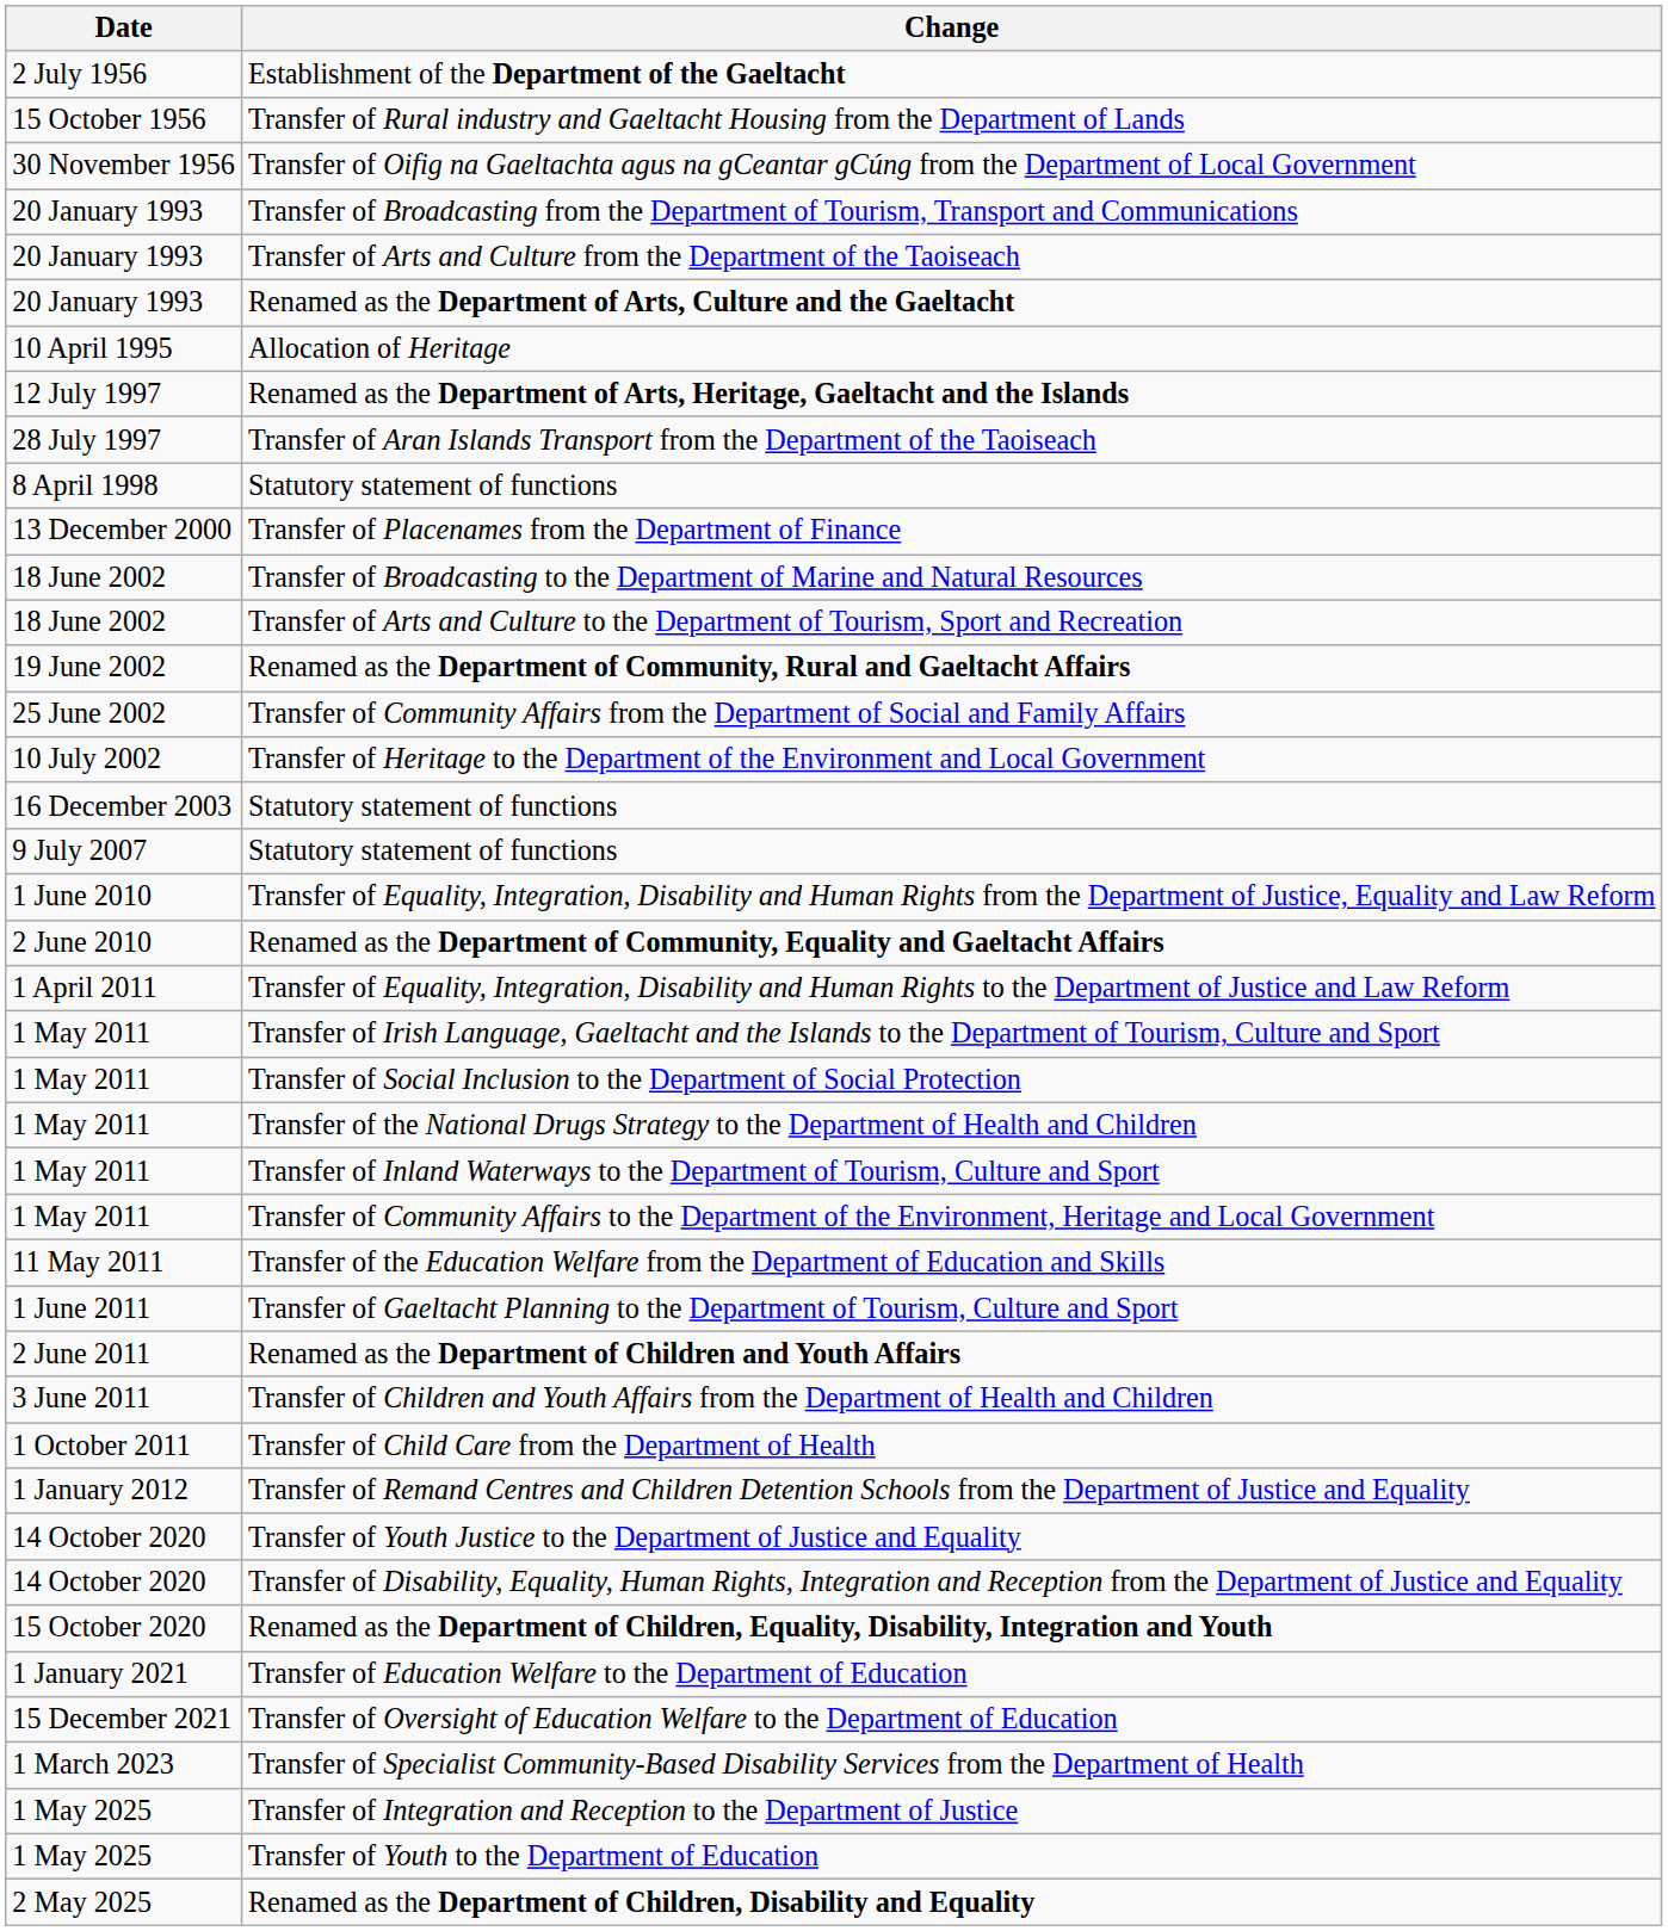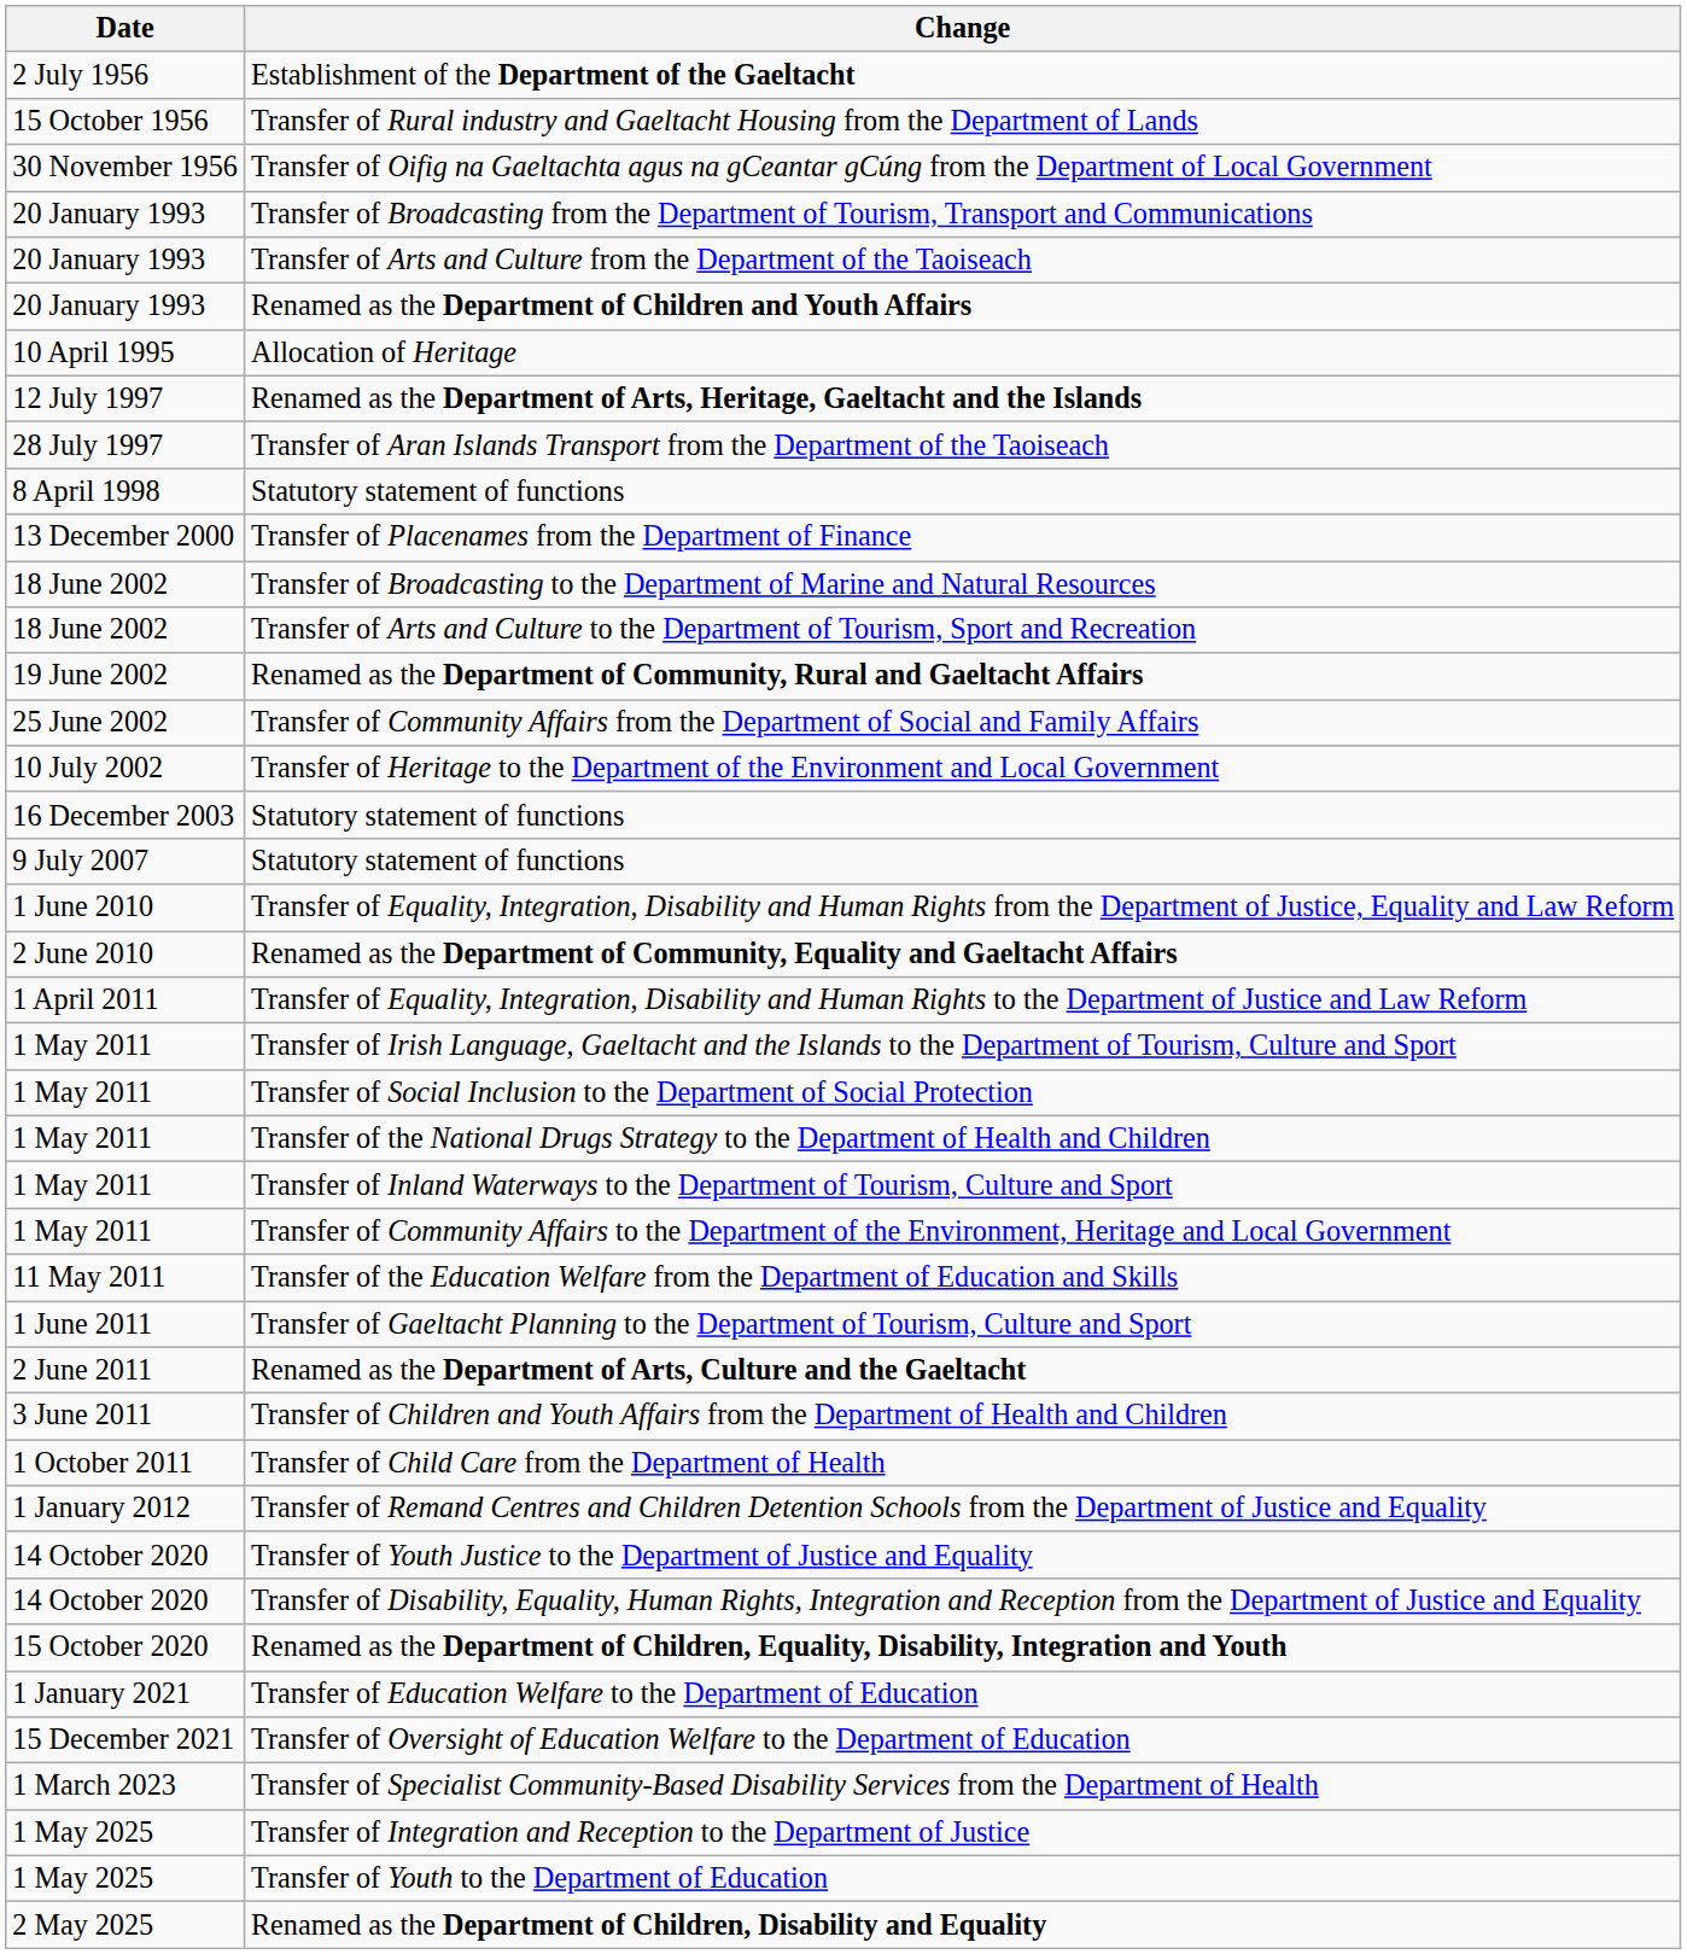 <table class="wikitable">
 <tr>
 <th>Date</th>
 <th>Change</th>
 </tr>
 <tr>
 <td>2 July 1956</td>
 <td>Establishment of the <strong>Department of the Gaeltacht</strong></td>
 </tr>
 <tr>
 <td>15 October 1956</td>
 <td>Transfer of <em>Rural industry and Gaeltacht Housing</em> from the <a href='#'>Department of Lands</a></td>
 </tr>
 <tr>
 <td>30 November 1956</td>
 <td>Transfer of <em>Oifig na Gaeltachta agus na gCeantar gCúng</em> from the <a href='#'>Department of Local Government</a></td>
 </tr>
 <tr>
 <td>20 January 1993</td>
 <td>Transfer of <em>Broadcasting</em> from the <a href='#'>Department of Tourism, Transport and Communications</a></td>
 </tr>
 <tr>
 <td>20 January 1993</td>
 <td>Transfer of <em>Arts and Culture</em> from the <a href='#'>Department of the Taoiseach</a></td>
 </tr>
 <tr>
 <td>20 January 1993</td>
-<td>Renamed as the <strong>Department of Arts, Culture and the Gaeltacht</strong></td>
+<td>Renamed as the <strong>Department of Children and Youth Affairs</strong></td>
 </tr>
 <tr>
 <td>10 April 1995</td>
 <td>Allocation of <em>Heritage</em></td>
 </tr>
 <tr>
 <td>12 July 1997</td>
 <td>Renamed as the <strong>Department of Arts, Heritage, Gaeltacht and the Islands</strong></td>
 </tr>
 <tr>
 <td>28 July 1997</td>
 <td>Transfer of <em>Aran Islands Transport</em> from the <a href='#'>Department of the Taoiseach</a></td>
 </tr>
 <tr>
 <td>8 April 1998</td>
 <td>Statutory statement of functions</td>
 </tr>
 <tr>
 <td>13 December 2000</td>
 <td>Transfer of <em>Placenames</em> from the <a href='#'>Department of Finance</a></td>
 </tr>
 <tr>
 <td>18 June 2002</td>
 <td>Transfer of <em>Broadcasting</em> to the <a href='#'>Department of Marine and Natural Resources</a></td>
 </tr>
 <tr>
 <td>18 June 2002</td>
 <td>Transfer of <em>Arts and Culture</em> to the <a href='#'>Department of Tourism, Sport and Recreation</a></td>
 </tr>
 <tr>
 <td>19 June 2002</td>
 <td>Renamed as the <strong>Department of Community, Rural and Gaeltacht Affairs</strong></td>
 </tr>
 <tr>
 <td>25 June 2002</td>
 <td>Transfer of <em>Community Affairs</em> from the <a href='#'>Department of Social and Family Affairs</a></td>
 </tr>
 <tr>
 <td>10 July 2002</td>
 <td>Transfer of <em>Heritage</em> to the <a href='#'>Department of the Environment and Local Government</a></td>
 </tr>
 <tr>
 <td>16 December 2003</td>
 <td>Statutory statement of functions</td>
 </tr>
 <tr>
 <td>9 July 2007</td>
 <td>Statutory statement of functions</td>
 </tr>
 <tr>
 <td>1 June 2010</td>
 <td>Transfer of <em>Equality, Integration, Disability and Human Rights</em> from the <a href='#'>Department of Justice, Equality and Law Reform</a></td>
 </tr>
 <tr>
 <td>2 June 2010</td>
 <td>Renamed as the <strong>Department of Community, Equality and Gaeltacht Affairs</strong></td>
 </tr>
 <tr>
 <td>1 April 2011</td>
 <td>Transfer of <em>Equality, Integration, Disability and Human Rights</em> to the <a href='#'>Department of Justice and Law Reform</a></td>
 </tr>
 <tr>
 <td>1 May 2011</td>
 <td>Transfer of <em>Irish Language, Gaeltacht and the Islands</em> to the <a href='#'>Department of Tourism, Culture and Sport</a></td>
 </tr>
 <tr>
 <td>1 May 2011</td>
 <td>Transfer of <em>Social Inclusion</em> to the <a href='#'>Department of Social Protection</a></td>
 </tr>
 <tr>
 <td>1 May 2011</td>
 <td>Transfer of the <em>National Drugs Strategy</em> to the <a href='#'>Department of Health and Children</a></td>
 </tr>
 <tr>
 <td>1 May 2011</td>
 <td>Transfer of <em>Inland Waterways</em> to the <a href='#'>Department of Tourism, Culture and Sport</a></td>
 </tr>
 <tr>
 <td>1 May 2011</td>
 <td>Transfer of <em>Community Affairs</em> to the <a href='#'>Department of the Environment, Heritage and Local Government</a></td>
 </tr>
 <tr>
 <td>11 May 2011</td>
 <td>Transfer of the <em>Education Welfare</em> from the <a href='#'>Department of Education and Skills</a></td>
 </tr>
 <tr>
 <td>1 June 2011</td>
 <td>Transfer of <em>Gaeltacht Planning</em> to the <a href='#'>Department of Tourism, Culture and Sport</a></td>
 </tr>
 <tr>
 <td>2 June 2011</td>
-<td>Renamed as the <strong>Department of Children and Youth Affairs</strong></td>
+<td>Renamed as the <strong>Department of Arts, Culture and the Gaeltacht</strong></td>
 </tr>
 <tr>
 <td>3 June 2011</td>
 <td>Transfer of <em>Children and Youth Affairs</em> from the <a href='#'>Department of Health and Children</a></td>
 </tr>
 <tr>
 <td>1 October 2011</td>
 <td>Transfer of <em>Child Care</em> from the <a href='#'>Department of Health</a></td>
 </tr>
 <tr>
 <td>1 January 2012</td>
 <td>Transfer of <em>Remand Centres and Children Detention Schools</em> from the <a href='#'>Department of Justice and Equality</a></td>
 </tr>
 <tr>
 <td>14 October 2020</td>
 <td>Transfer of <em>Youth Justice</em> to the <a href='#'>Department of Justice and Equality</a></td>
 </tr>
 <tr>
 <td>14 October 2020</td>
 <td>Transfer of <em>Disability, Equality, Human Rights, Integration and Reception</em> from the <a href='#'>Department of Justice and Equality</a></td>
 </tr>
 <tr>
 <td>15 October 2020</td>
 <td>Renamed as the <strong>Department of Children, Equality, Disability, Integration and Youth</strong></td>
 </tr>
 <tr>
 <td>1 January 2021</td>
 <td>Transfer of <em>Education Welfare</em> to the <a href='#'>Department of Education</a></td>
 </tr>
 <tr>
 <td>15 December 2021</td>
 <td>Transfer of <em>Oversight of Education Welfare</em> to the <a href='#'>Department of Education</a></td>
 </tr>
 <tr>
 <td>1 March 2023</td>
 <td>Transfer of <em>Specialist Community-Based Disability Services</em> from the <a href='#'>Department of Health</a></td>
 </tr>
 <tr>
 <td>1 May 2025</td>
 <td>Transfer of <em>Integration and Reception</em> to the <a href='#'>Department of Justice</a></td>
 </tr>
 <tr>
 <td>1 May 2025</td>
 <td>Transfer of <em>Youth</em> to the <a href='#'>Department of Education</a></td>
 </tr>
 <tr>
 <td>2 May 2025</td>
 <td>Renamed as the <strong>Department of Children, Disability and Equality</strong></td>
 </tr>
 </table>
